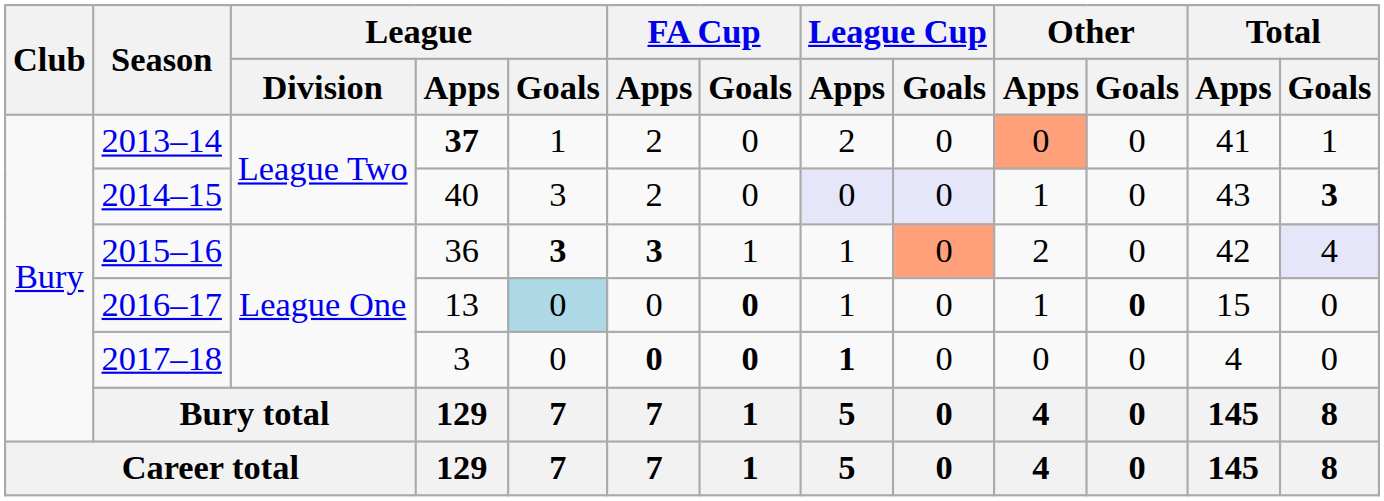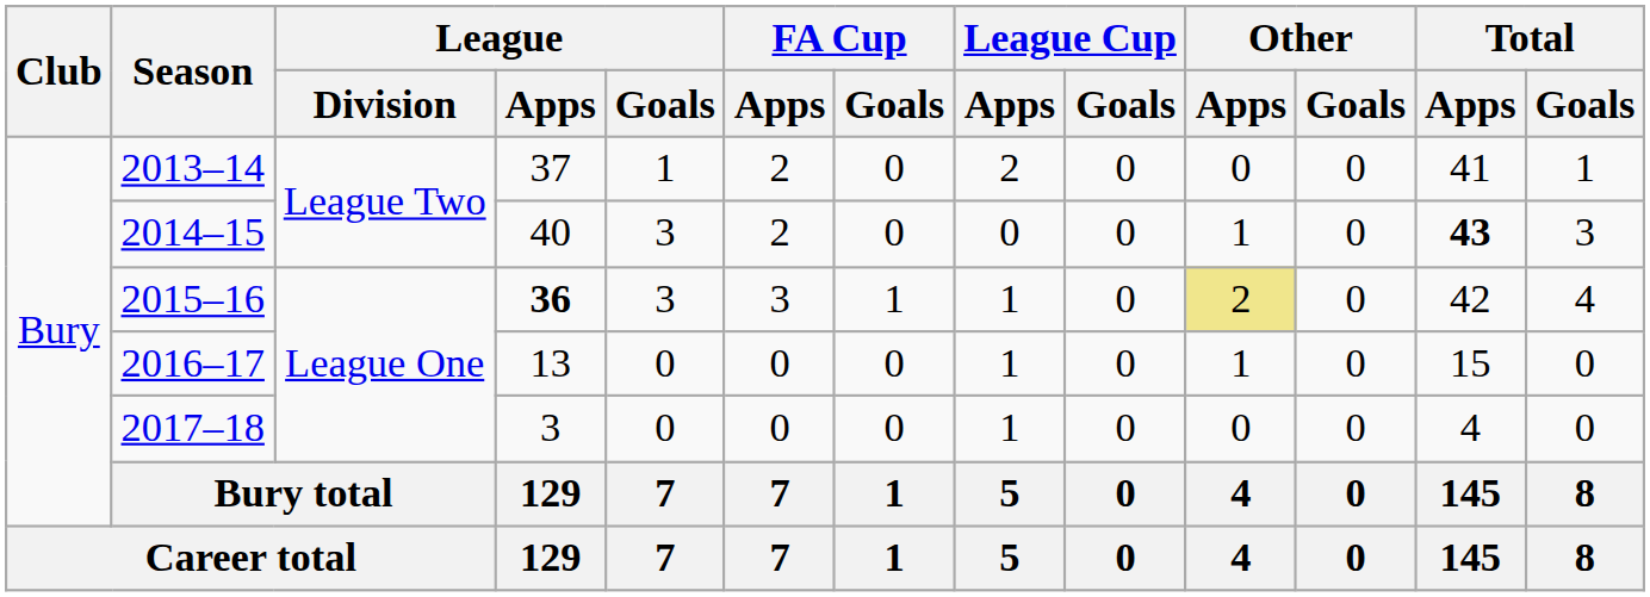 <table class="wikitable" style="text-align:center">
 <tr>
 <th rowspan="2">Club</th>
 <th rowspan="2">Season</th>
 <th colspan="3">League</th>
 <th colspan="2"><a href='#'>FA Cup</a></th>
 <th colspan="2"><a href='#'>League Cup</a></th>
 <th colspan="2">Other</th>
 <th colspan="2">Total</th>
 </tr>
 <tr>
 <th>Division</th>
 <th>Apps</th>
 <th>Goals</th>
 <th>Apps</th>
 <th>Goals</th>
 <th>Apps</th>
 <th>Goals</th>
 <th>Apps</th>
 <th>Goals</th>
 <th>Apps</th>
 <th>Goals</th>
 </tr>
 <tr>
 <td rowspan="6"><a href='#'>Bury</a></td>
 <td><a href='#'>2013–14</a></td>
 <td rowspan="2"><a href='#'>League Two</a></td>
-<td><strong>37</strong></td>
+<td>37</td>
 <td>1</td>
 <td>2</td>
 <td>0</td>
 <td>2</td>
 <td>0</td>
-<td style="background: lightsalmon;">0</td>
+<td>0</td>
 <td>0</td>
 <td>41</td>
 <td>1</td>
 </tr>
 <tr>
 <td><a href='#'>2014–15</a></td>
 <td>40</td>
 <td>3</td>
 <td>2</td>
 <td>0</td>
-<td style="background: lavender;">0</td>
-<td style="background: lavender;">0</td>
+<td>0</td>
+<td>0</td>
 <td>1</td>
 <td>0</td>
-<td>43</td>
-<td><strong>3</strong></td>
+<td><strong>43</strong></td>
+<td>3</td>
 </tr>
 <tr>
 <td><a href='#'>2015–16</a></td>
 <td rowspan="3"><a href='#'>League One</a></td>
-<td>36</td>
-<td><strong>3</strong></td>
-<td><strong>3</strong></td>
+<td><strong>36</strong></td>
+<td>3</td>
+<td>3</td>
 <td>1</td>
 <td>1</td>
-<td style="background: lightsalmon;">0</td>
-<td>2</td>
+<td>0</td>
+<td style="background: khaki;">2</td>
 <td>0</td>
 <td>42</td>
-<td style="background: lavender;">4</td>
+<td>4</td>
 </tr>
 <tr>
 <td><a href='#'>2016–17</a></td>
 <td>13</td>
-<td style="background: lightblue;">0</td>
 <td>0</td>
-<td><strong>0</strong></td>
+<td>0</td>
+<td>0</td>
 <td>1</td>
 <td>0</td>
 <td>1</td>
-<td><strong>0</strong></td>
+<td>0</td>
 <td>15</td>
 <td>0</td>
 </tr>
 <tr>
 <td><a href='#'>2017–18</a></td>
 <td>3</td>
 <td>0</td>
-<td><strong>0</strong></td>
-<td><strong>0</strong></td>
-<td><strong>1</strong></td>
+<td>0</td>
+<td>0</td>
+<td>1</td>
 <td>0</td>
 <td>0</td>
 <td>0</td>
 <td>4</td>
 <td>0</td>
 </tr>
 <tr>
 <th colspan="2">Bury total</th>
 <th>129</th>
 <th>7</th>
 <th>7</th>
 <th>1</th>
 <th>5</th>
 <th>0</th>
 <th>4</th>
 <th>0</th>
 <th>145</th>
 <th>8</th>
 </tr>
 <tr>
 <th colspan="3">Career total</th>
 <th>129</th>
 <th>7</th>
 <th>7</th>
 <th>1</th>
 <th>5</th>
 <th>0</th>
 <th>4</th>
 <th>0</th>
 <th>145</th>
 <th>8</th>
 </tr>
 </table>
